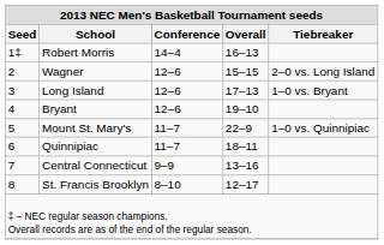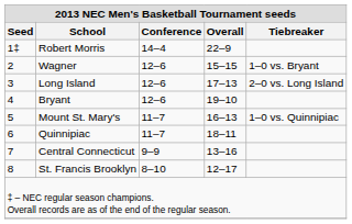 <table class="wikitable" style="white-space:nowrap; font-size:90%;">
 <tr>
 <td colspan="7" style="text-align:center; background:#DDDDDD; font:#000000"><strong>2013 NEC Men's Basketball Tournament seeds</strong></td>
 </tr>
 <tr bgcolor="#efefef">
 <th>Seed</th>
 <th>School</th>
 <th>Conference</th>
 <th>Overall</th>
 <th>Tiebreaker</th>
 </tr>
 <tr>
 <td>1‡</td>
 <td>Robert Morris</td>
 <td>14–4</td>
-<td>16–13</td>
+<td>22–9</td>
 <td></td>
 </tr>
 <tr>
 <td>2</td>
 <td>Wagner</td>
 <td>12–6</td>
 <td>15–15</td>
-<td>2–0 vs. Long Island</td>
+<td>1–0 vs. Bryant</td>
 </tr>
 <tr>
 <td>3</td>
 <td>Long Island</td>
 <td>12–6</td>
 <td>17–13</td>
-<td>1–0 vs. Bryant</td>
+<td>2–0 vs. Long Island</td>
 </tr>
 <tr>
 <td>4</td>
 <td>Bryant</td>
 <td>12–6</td>
 <td>19–10</td>
 <td></td>
 </tr>
 <tr>
 <td>5</td>
 <td>Mount St. Mary's</td>
 <td>11–7</td>
-<td>22–9</td>
+<td>16–13</td>
 <td>1–0 vs. Quinnipiac</td>
 </tr>
 <tr>
 <td>6</td>
 <td>Quinnipiac</td>
 <td>11–7</td>
 <td>18–11</td>
 <td></td>
 </tr>
 <tr>
 <td>7</td>
 <td>Central Connecticut</td>
 <td>9–9</td>
 <td>13–16</td>
 <td></td>
 </tr>
 <tr>
 <td>8</td>
 <td>St. Francis Brooklyn</td>
 <td>8–10</td>
 <td>12–17</td>
 <td></td>
 </tr>
 <tr>
 <td colspan="6" style="text-align:left;"><small> <br>‡ – NEC regular season champions.<br>Overall records are as of the end of the regular season.</small></td>
 </tr>
 <tr>
 </tr>
 </table>
